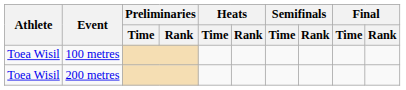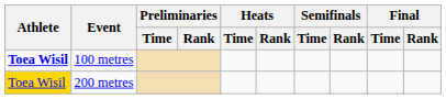 <table class=wikitable style="font-size:90%;">
 <tr>
 <th rowspan="2">Athlete</th>
 <th rowspan="2">Event</th>
 <th colspan="2">Preliminaries</th>
 <th colspan="2">Heats</th>
 <th colspan="2">Semifinals</th>
 <th colspan="2">Final</th>
 </tr>
 <tr>
 <th>Time</th>
 <th>Rank</th>
 <th>Time</th>
 <th>Rank</th>
 <th>Time</th>
 <th>Rank</th>
 <th>Time</th>
 <th>Rank</th>
 </tr>
 <tr style="border-top: single;">
-<td><a href='#'>Toea Wisil</a></td>
+<td><strong><a href='#'>Toea Wisil</a></strong></td>
 <td><a href='#'>100 metres</a></td>
 <td colspan= 2 bgcolor="wheat"></td>
 <td align=center></td>
 <td align=center></td>
 <td align=center></td>
 <td align=center></td>
 <td align=center></td>
 <td align=center></td>
 </tr>
 <tr style="border-top: single;">
-<td><a href='#'>Toea Wisil</a></td>
+<td style="background: gold;"><a href='#'>Toea Wisil</a></td>
 <td><a href='#'>200 metres</a></td>
 <td colspan= 2 bgcolor="wheat"></td>
 <td align=center></td>
 <td align=center></td>
 <td align=center></td>
 <td align=center></td>
 <td align=center></td>
 <td align=center></td>
 </tr>
 </table>
